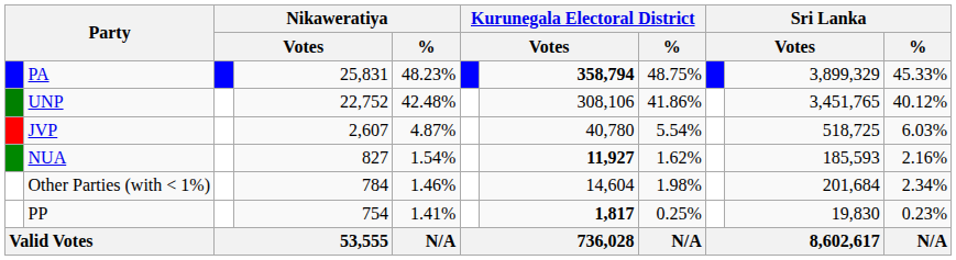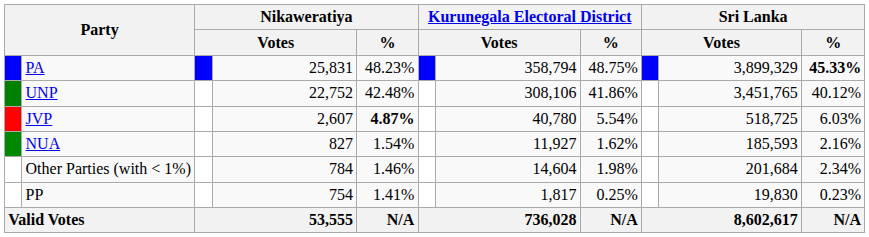 <table class="wikitable">
 <tr>
 <th colspan="2" width="144px"rowspan="2">Party</th>
 <th colspan="3" width="216px">Nikaweratiya</th>
 <th colspan="3" width="216px"><a href='#'>Kurunegala Electoral District</a></th>
 <th colspan="3" width="216px">Sri Lanka</th>
 </tr>
 <tr>
 <th colspan="2" width="144px">Votes</th>
 <th>%</th>
 <th colspan="2" width="144px">Votes</th>
 <th>%</th>
 <th colspan="2" width="144px">Votes</th>
 <th>%</th>
 </tr>
 <tr>
 <td style="background-color:blue;" width="10px"></td>
 <td style="text-align:left;"><a href='#'>PA</a></td>
 <td style="background-color:blue;" width="10px"></td>
 <td style="text-align:right;">25,831</td>
 <td style="text-align:right;">48.23%</td>
 <td style="background-color:blue;" width="10px"></td>
-<td style="text-align:right;"><strong>358,794</strong></td>
+<td style="text-align:right;">358,794</td>
 <td style="text-align:right;">48.75%</td>
 <td style="background-color:blue;" width="10px"></td>
 <td style="text-align:right;">3,899,329</td>
-<td style="text-align:right;">45.33%</td>
+<td style="text-align:right;"><strong>45.33%</strong></td>
 </tr>
 <tr>
 <td style="background-color:green;" width="10px"></td>
 <td style="text-align:left;"><a href='#'>UNP</a></td>
 <td style="background-color:white;" width="10px"></td>
 <td style="text-align:right;">22,752</td>
 <td style="text-align:right;">42.48%</td>
 <td style="background-color:white;" width="10px"></td>
 <td style="text-align:right;">308,106</td>
 <td style="text-align:right;">41.86%</td>
 <td style="background-color:white;" width="10px"></td>
 <td style="text-align:right;">3,451,765</td>
 <td style="text-align:right;">40.12%</td>
 </tr>
 <tr>
 <td style="background-color:red;" width="10px"></td>
 <td style="text-align:left;"><a href='#'>JVP</a></td>
 <td style="background-color:white;" width="10px"></td>
 <td style="text-align:right;">2,607</td>
-<td style="text-align:right;">4.87%</td>
+<td style="text-align:right;"><strong>4.87%</strong></td>
 <td style="background-color:white;" width="10px"></td>
 <td style="text-align:right;">40,780</td>
 <td style="text-align:right;">5.54%</td>
 <td style="background-color:white;" width="10px"></td>
 <td style="text-align:right;">518,725</td>
 <td style="text-align:right;">6.03%</td>
 </tr>
 <tr>
 <td style="background-color:#008800;" width="10px"></td>
 <td style="text-align:left;"><a href='#'>NUA</a></td>
 <td style="background-color:white;" width="10px"></td>
 <td style="text-align:right;">827</td>
 <td style="text-align:right;">1.54%</td>
 <td style="background-color:white;" width="10px"></td>
-<td style="text-align:right;"><strong>11,927</strong></td>
+<td style="text-align:right;">11,927</td>
 <td style="text-align:right;">1.62%</td>
 <td style="background-color:white;" width="10px"></td>
 <td style="text-align:right;">185,593</td>
 <td style="text-align:right;">2.16%</td>
 </tr>
 <tr>
 <td style="background-color:white;" width="10px"></td>
 <td style="text-align:left;">Other Parties (with < 1%)</td>
 <td style="background-color:white;" width="10px"></td>
 <td style="text-align:right;">784</td>
 <td style="text-align:right;">1.46%</td>
 <td style="background-color:white;" width="10px"></td>
 <td style="text-align:right;">14,604</td>
 <td style="text-align:right;">1.98%</td>
 <td style="background-color:white;" width="10px"></td>
 <td style="text-align:right;">201,684</td>
 <td style="text-align:right;">2.34%</td>
 </tr>
 <tr>
 <td style="background-color:white;" width="10px"></td>
 <td style="text-align:left;">PP</td>
 <td style="background-color:white;" width="10px"></td>
 <td style="text-align:right;">754</td>
 <td style="text-align:right;">1.41%</td>
 <td style="background-color:white;" width="10px"></td>
-<td style="text-align:right;"><strong>1,817</strong></td>
+<td style="text-align:right;">1,817</td>
 <td style="text-align:right;">0.25%</td>
 <td style="background-color:white;" width="10px"></td>
 <td style="text-align:right;">19,830</td>
 <td style="text-align:right;">0.23%</td>
 </tr>
 <tr>
 <th colspan="2" width="144px"style="text-align:left;">Valid Votes</th>
 <th style="text-align:right;"colspan="2" width="144px">53,555</th>
 <th style="text-align:right;">N/A</th>
 <th style="text-align:right;"colspan="2" width="144px">736,028</th>
 <th style="text-align:right;">N/A</th>
 <th style="text-align:right;"colspan="2" width="144px">8,602,617</th>
 <th style="text-align:right;">N/A</th>
 </tr>
 </table>
